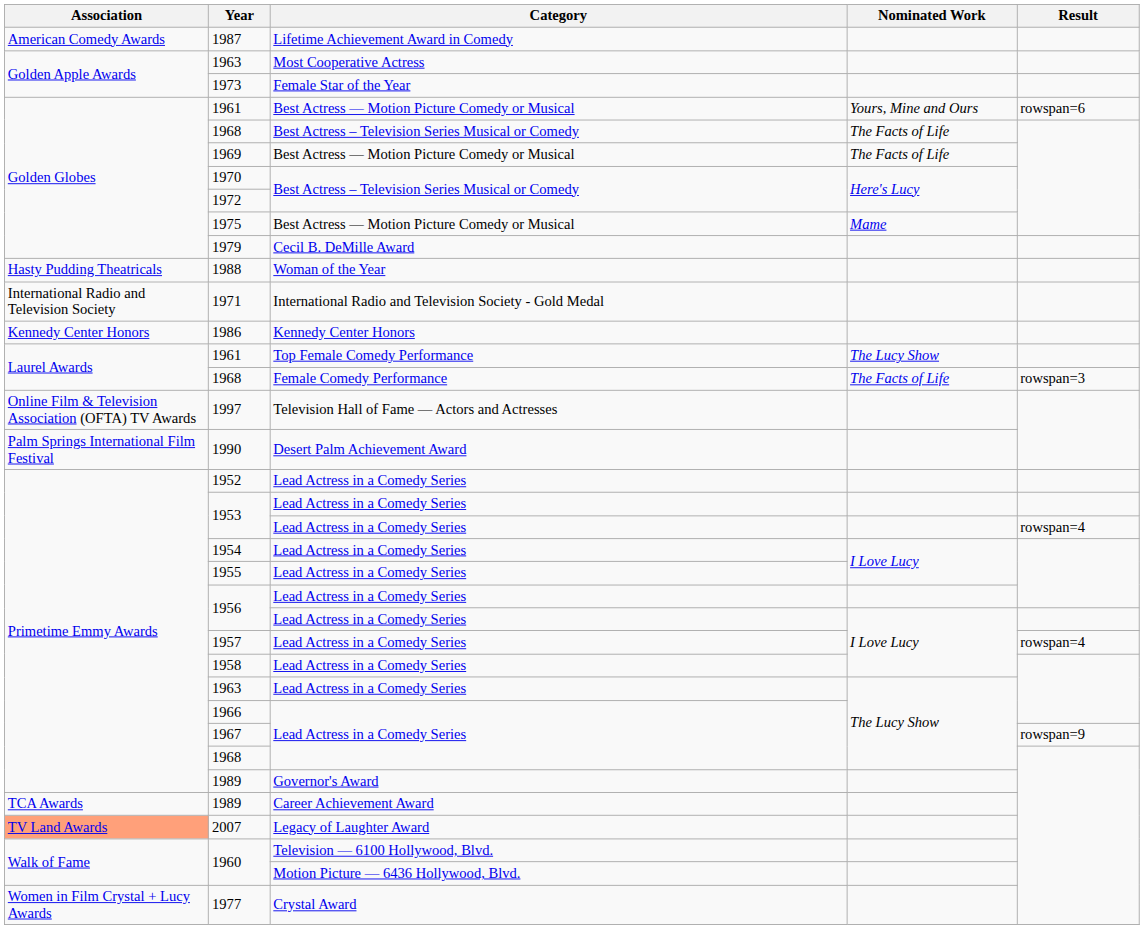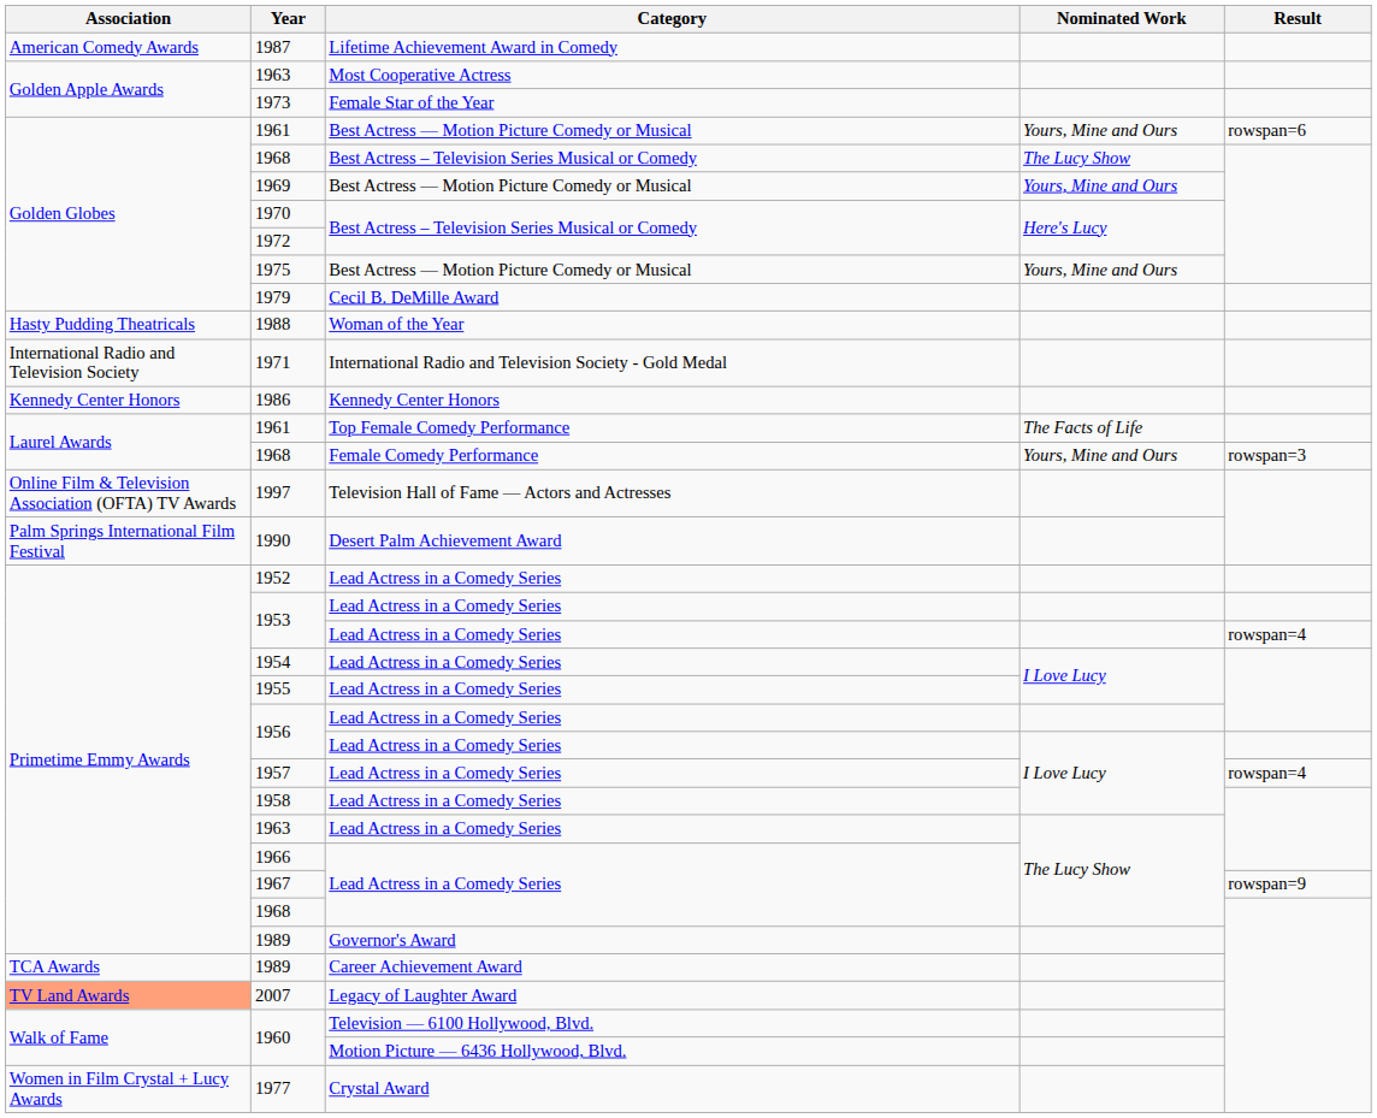 <table class="wikitable">
 <tr>
 <th width=18%>Association</th>
 <th>Year</th>
 <th>Category</th>
 <th width=15%>Nominated Work</th>
 <th>Result</th>
 </tr>
 <tr>
 <td><a href='#'>American Comedy Awards</a></td>
 <td>1987</td>
 <td><a href='#'>Lifetime Achievement Award in Comedy</a></td>
 <td></td>
 <td></td>
 </tr>
 <tr>
 <td rowspan=2><a href='#'>Golden Apple Awards</a></td>
 <td>1963</td>
 <td><a href='#'>Most Cooperative Actress</a></td>
 <td></td>
 <td></td>
 </tr>
 <tr>
 <td>1973</td>
 <td><a href='#'>Female Star of the Year</a></td>
 <td></td>
 <td></td>
 </tr>
 <tr>
 <td rowspan=7><a href='#'>Golden Globes</a></td>
 <td>1961</td>
 <td><a href='#'>Best Actress — Motion Picture Comedy or Musical</a></td>
 <td><em>Yours, Mine and Ours</em></td>
 <td>rowspan=6 </td>
 </tr>
 <tr>
 <td>1968</td>
 <td><a href='#'>Best Actress – Television Series Musical or Comedy</a></td>
-<td><em>The Facts of Life</em></td>
+<td><em><a href='#'>The Lucy Show</a></em></td>
 </tr>
 <tr>
 <td>1969</td>
 <td>Best Actress — Motion Picture Comedy or Musical</td>
-<td><em>The Facts of Life</em></td>
+<td><em><a href='#'>Yours, Mine and Ours</a></em></td>
 </tr>
 <tr>
 <td>1970</td>
 <td rowspan=2><a href='#'>Best Actress – Television Series Musical or Comedy</a></td>
 <td rowspan=2><em><a href='#'>Here's Lucy</a></em></td>
 </tr>
 <tr>
 <td>1972</td>
 </tr>
 <tr>
 <td>1975</td>
 <td>Best Actress — Motion Picture Comedy or Musical</td>
-<td><em><a href='#'>Mame</a></em></td>
+<td><em>Yours, Mine and Ours</em></td>
 </tr>
 <tr>
 <td>1979</td>
 <td><a href='#'>Cecil B. DeMille Award</a></td>
 <td></td>
 <td></td>
 </tr>
 <tr>
 <td><a href='#'>Hasty Pudding Theatricals</a></td>
 <td>1988</td>
 <td><a href='#'>Woman of the Year</a></td>
 <td></td>
 <td></td>
 </tr>
 <tr>
 <td>International Radio and Television Society</td>
 <td>1971</td>
 <td>International Radio and Television Society - Gold Medal</td>
 <td></td>
 <td></td>
 </tr>
 <tr>
 <td><a href='#'>Kennedy Center Honors</a></td>
 <td>1986</td>
 <td><a href='#'>Kennedy Center Honors</a></td>
 <td></td>
 <td></td>
 </tr>
 <tr>
 <td rowspan=2><a href='#'>Laurel Awards</a></td>
 <td>1961</td>
 <td><a href='#'>Top Female Comedy Performance</a></td>
-<td><em><a href='#'>The Lucy Show</a></em></td>
+<td><em>The Facts of Life</em></td>
 <td></td>
 </tr>
 <tr>
 <td>1968</td>
 <td><a href='#'>Female Comedy Performance</a></td>
-<td><em><a href='#'>The Facts of Life</a></em></td>
+<td><em>Yours, Mine and Ours</em></td>
 <td>rowspan=3 </td>
 </tr>
 <tr>
 <td><a href='#'>Online Film & Television Association</a> (OFTA) TV Awards</td>
 <td>1997</td>
 <td>Television Hall of Fame — Actors and Actresses</td>
 <td></td>
 </tr>
 <tr>
 <td><a href='#'>Palm Springs International Film Festival</a></td>
 <td>1990</td>
 <td><a href='#'>Desert Palm Achievement Award</a></td>
 <td></td>
 </tr>
 <tr>
 <td rowspan=14><a href='#'>Primetime Emmy Awards</a></td>
 <td>1952</td>
 <td><a href='#'>Lead Actress in a Comedy Series</a></td>
 <td></td>
 <td></td>
 </tr>
 <tr>
 <td rowspan=2>1953</td>
 <td><a href='#'>Lead Actress in a Comedy Series</a></td>
 <td></td>
 <td></td>
 </tr>
 <tr>
 <td><a href='#'>Lead Actress in a Comedy Series</a></td>
 <td></td>
 <td>rowspan=4 </td>
 </tr>
 <tr>
 <td>1954</td>
 <td><a href='#'>Lead Actress in a Comedy Series</a></td>
 <td rowspan=2><em><a href='#'>I Love Lucy</a></em></td>
 </tr>
 <tr>
 <td>1955</td>
 <td><a href='#'>Lead Actress in a Comedy Series</a></td>
 </tr>
 <tr>
 <td rowspan=2>1956</td>
 <td><a href='#'>Lead Actress in a Comedy Series</a></td>
 <td></td>
 </tr>
 <tr>
 <td><a href='#'>Lead Actress in a Comedy Series</a></td>
 <td rowspan=3><em>I Love Lucy</em></td>
 <td></td>
 </tr>
 <tr>
 <td>1957</td>
 <td><a href='#'>Lead Actress in a Comedy Series</a></td>
 <td>rowspan=4 </td>
 </tr>
 <tr>
 <td>1958</td>
 <td><a href='#'>Lead Actress in a Comedy Series</a></td>
 </tr>
 <tr>
 <td>1963</td>
 <td><a href='#'>Lead Actress in a Comedy Series</a></td>
 <td rowspan=4><em>The Lucy Show</em></td>
 </tr>
 <tr>
 <td>1966</td>
 <td rowspan=3><a href='#'>Lead Actress in a Comedy Series</a></td>
 </tr>
 <tr>
 <td>1967</td>
 <td>rowspan=9 </td>
 </tr>
 <tr>
 <td>1968</td>
 </tr>
 <tr>
 <td>1989</td>
 <td><a href='#'>Governor's Award</a></td>
 <td></td>
 </tr>
 <tr>
 <td><a href='#'>TCA Awards</a></td>
 <td>1989</td>
 <td><a href='#'>Career Achievement Award</a></td>
 <td></td>
 </tr>
 <tr>
 <td style="background: lightsalmon;"><a href='#'>TV Land Awards</a></td>
 <td>2007</td>
 <td><a href='#'>Legacy of Laughter Award</a></td>
 <td></td>
 </tr>
 <tr>
 <td rowspan=2><a href='#'>Walk of Fame</a></td>
 <td rowspan=2>1960</td>
 <td><a href='#'>Television — 6100 Hollywood, Blvd.</a></td>
 <td></td>
 </tr>
 <tr>
 <td><a href='#'>Motion Picture — 6436 Hollywood, Blvd.</a></td>
 <td></td>
 </tr>
 <tr>
 <td><a href='#'>Women in Film Crystal + Lucy Awards</a></td>
 <td>1977</td>
 <td><a href='#'>Crystal Award</a></td>
 <td></td>
 </tr>
 </table>
